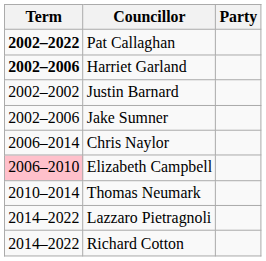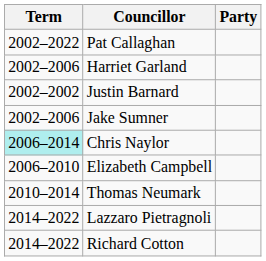 <table class="wikitable">
 <tr>
 <th>Term</th>
 <th>Councillor</th>
 <th colspan=2>Party</th>
 </tr>
 <tr>
-<td><strong>2002–2022</strong></td>
+<td>2002–2022</td>
 <td>Pat Callaghan</td>
 <td></td>
 </tr>
 <tr>
-<td><strong>2002–2006</strong></td>
+<td>2002–2006</td>
 <td>Harriet Garland</td>
 <td></td>
 </tr>
 <tr>
 <td>2002–2002</td>
 <td>Justin Barnard</td>
 <td></td>
 </tr>
 <tr>
 <td>2002–2006</td>
 <td>Jake Sumner</td>
 <td></td>
 </tr>
 <tr>
-<td>2006–2014</td>
+<td style="background: paleturquoise;">2006–2014</td>
 <td>Chris Naylor</td>
 <td></td>
 </tr>
 <tr>
-<td style="background: pink;">2006–2010</td>
+<td>2006–2010</td>
 <td>Elizabeth Campbell</td>
 <td></td>
 </tr>
 <tr>
 <td>2010–2014</td>
 <td>Thomas Neumark</td>
 <td></td>
 </tr>
 <tr>
 <td>2014–2022</td>
 <td>Lazzaro Pietragnoli</td>
 <td></td>
 </tr>
 <tr>
 <td>2014–2022</td>
 <td>Richard Cotton</td>
 <td></td>
 </tr>
 </table>
